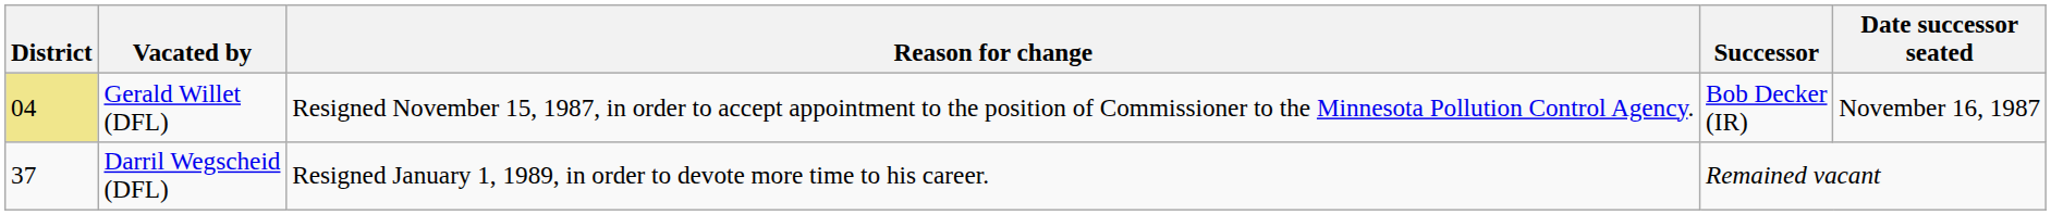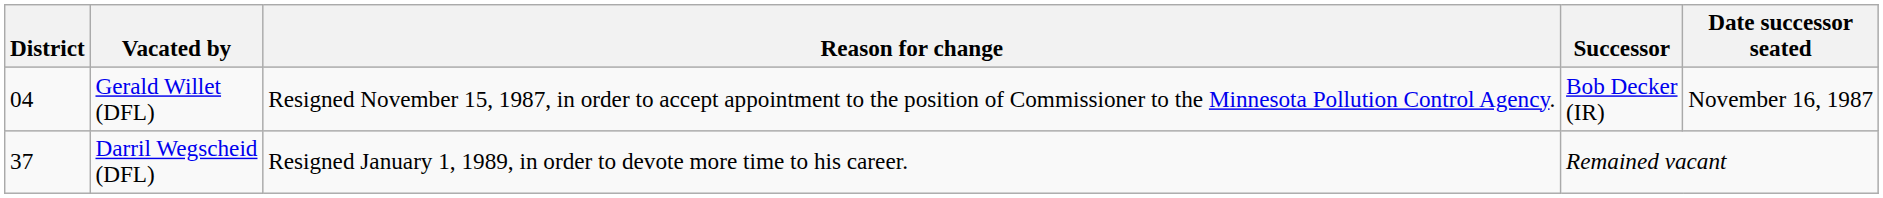 <table class="wikitable sortable">
 <tr style="vertical-align:bottom;">
 <th>District</th>
 <th>Vacated by</th>
 <th>Reason for change</th>
 <th>Successor</th>
 <th>Date successor<br>seated</th>
 </tr>
 <tr>
-<td style="background: khaki;">04</td>
+<td>04</td>
 <td nowrap ><a href='#'>Gerald Willet</a><br>(DFL)</td>
 <td>Resigned November 15, 1987, in order to accept appointment to the position of Commissioner to the <a href='#'>Minnesota Pollution Control Agency</a>.</td>
 <td nowrap ><a href='#'>Bob Decker</a><br>(IR)</td>
 <td>November 16, 1987</td>
 </tr>
 <tr>
 <td>37</td>
 <td nowrap ><a href='#'>Darril Wegscheid</a><br>(DFL)</td>
 <td>Resigned January 1, 1989, in order to devote more time to his career.</td>
 <td colspan="2"><em>Remained vacant</em></td>
 </tr>
 </table>
